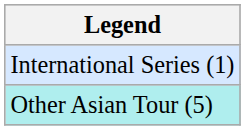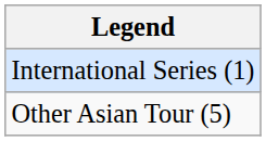 <table class="wikitable" style="font-size:95%;">
 <tr>
 <th>Legend</th>
 </tr>
 <tr style="background:#D6E8FF;">
 <td>International Series (1)</td>
 </tr>
 <tr>
-<td style="background: paleturquoise;">Other Asian Tour (5)</td>
+<td>Other Asian Tour (5)</td>
 </tr>
 </table>
